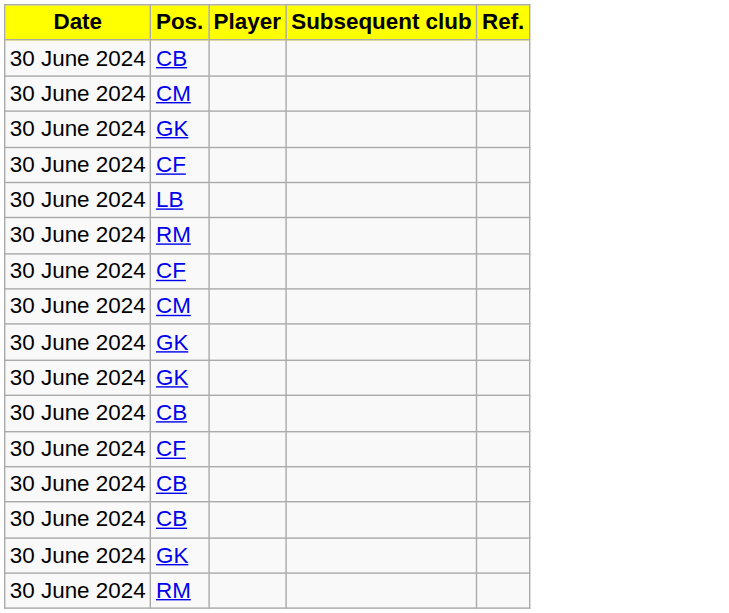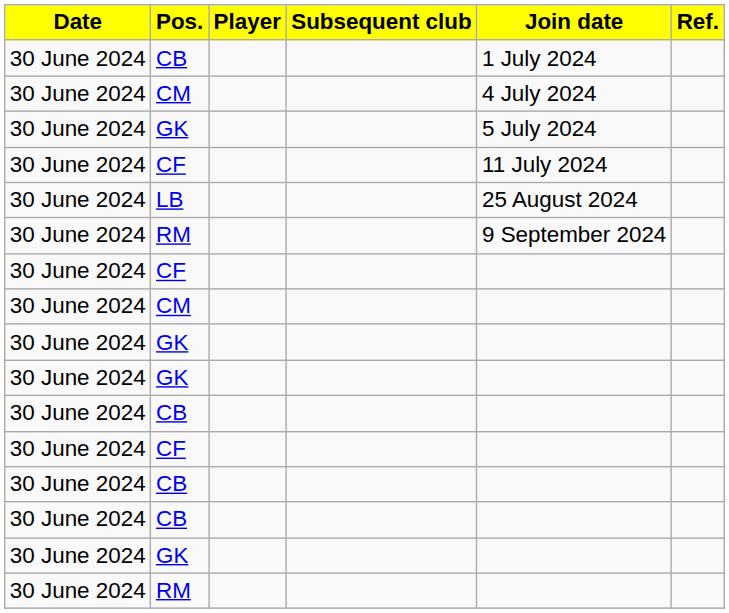 <table class="wikitable plainrowheaders sortable">
 <tr>
 <th style="background: yellow; color: black; ">Date</th>
 <th style="background: yellow; color: black; ">Pos.</th>
 <th style="background: yellow; color: black; ">Player</th>
 <th style="background: yellow; color: black; ">Subsequent club</th>
+<th style="background: yellow; color: black; ">Join date</th>
 <th style="background: yellow; color: black; ">Ref.</th>
 </tr>
 <tr>
 <td>30 June 2024</td>
 <td><a href='#'>CB</a></td>
+<td></td>
+<td></td>
+<td>1 July 2024</td>
+<td></td>
+</tr>
+<tr>
+<td>30 June 2024</td>
+<td><a href='#'>CM</a></td>
+<td></td>
+<td></td>
+<td>4 July 2024</td>
+<td></td>
+</tr>
+<tr>
+<td>30 June 2024</td>
+<td><a href='#'>GK</a></td>
+<td></td>
+<td></td>
+<td>5 July 2024</td>
+<td></td>
+</tr>
+<tr>
+<td>30 June 2024</td>
+<td><a href='#'>CF</a></td>
+<td></td>
+<td></td>
+<td>11 July 2024</td>
+<td></td>
+</tr>
+<tr>
+<td>30 June 2024</td>
+<td><a href='#'>LB</a></td>
+<td></td>
+<td></td>
+<td>25 August 2024</td>
+<td></td>
+</tr>
+<tr>
+<td>30 June 2024</td>
+<td><a href='#'>RM</a></td>
+<td></td>
+<td></td>
+<td>9 September 2024</td>
+<td></td>
+</tr>
+<tr>
+<td>30 June 2024</td>
+<td><a href='#'>CF</a></td>
+<td></td>
 <td></td>
 <td></td>
 <td></td>
 </tr>
 <tr>
 <td>30 June 2024</td>
 <td><a href='#'>CM</a></td>
 <td></td>
 <td></td>
 <td></td>
+<td></td>
 </tr>
 <tr>
 <td>30 June 2024</td>
 <td><a href='#'>GK</a></td>
+<td></td>
+<td></td>
+<td></td>
+<td></td>
+</tr>
+<tr>
+<td>30 June 2024</td>
+<td><a href='#'>GK</a></td>
+<td></td>
+<td></td>
+<td></td>
+<td></td>
+</tr>
+<tr>
+<td>30 June 2024</td>
+<td><a href='#'>CB</a></td>
+<td></td>
 <td></td>
 <td></td>
 <td></td>
 </tr>
 <tr>
 <td>30 June 2024</td>
 <td><a href='#'>CF</a></td>
 <td></td>
 <td></td>
 <td></td>
+<td></td>
 </tr>
 <tr>
 <td>30 June 2024</td>
-<td><a href='#'>LB</a></td>
+<td><a href='#'>CB</a></td>
+<td></td>
+<td></td>
+<td></td>
+<td></td>
+</tr>
+<tr>
+<td>30 June 2024</td>
+<td><a href='#'>CB</a></td>
+<td></td>
+<td></td>
+<td></td>
+<td></td>
+</tr>
+<tr>
+<td>30 June 2024</td>
+<td><a href='#'>GK</a></td>
+<td></td>
 <td></td>
 <td></td>
 <td></td>
 </tr>
 <tr>
 <td>30 June 2024</td>
 <td><a href='#'>RM</a></td>
 <td></td>
 <td></td>
 <td></td>
-</tr>
-<tr>
-<td>30 June 2024</td>
-<td><a href='#'>CF</a></td>
-<td></td>
-<td></td>
-<td></td>
-</tr>
-<tr>
-<td>30 June 2024</td>
-<td><a href='#'>CM</a></td>
-<td></td>
-<td></td>
-<td></td>
-</tr>
-<tr>
-<td>30 June 2024</td>
-<td><a href='#'>GK</a></td>
-<td></td>
-<td></td>
-<td></td>
-</tr>
-<tr>
-<td>30 June 2024</td>
-<td><a href='#'>GK</a></td>
-<td></td>
-<td></td>
-<td></td>
-</tr>
-<tr>
-<td>30 June 2024</td>
-<td><a href='#'>CB</a></td>
-<td></td>
-<td></td>
-<td></td>
-</tr>
-<tr>
-<td>30 June 2024</td>
-<td><a href='#'>CF</a></td>
-<td></td>
-<td></td>
-<td></td>
-</tr>
-<tr>
-<td>30 June 2024</td>
-<td><a href='#'>CB</a></td>
-<td></td>
-<td></td>
-<td></td>
-</tr>
-<tr>
-<td>30 June 2024</td>
-<td><a href='#'>CB</a></td>
-<td></td>
-<td></td>
-<td></td>
-</tr>
-<tr>
-<td>30 June 2024</td>
-<td><a href='#'>GK</a></td>
-<td></td>
-<td></td>
-<td></td>
-</tr>
-<tr>
-<td>30 June 2024</td>
-<td><a href='#'>RM</a></td>
-<td></td>
-<td></td>
 <td></td>
 </tr>
 </table>
